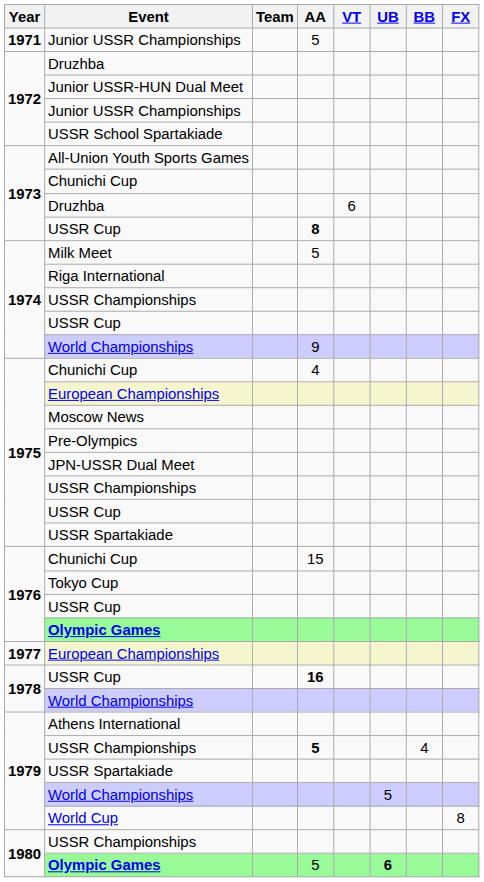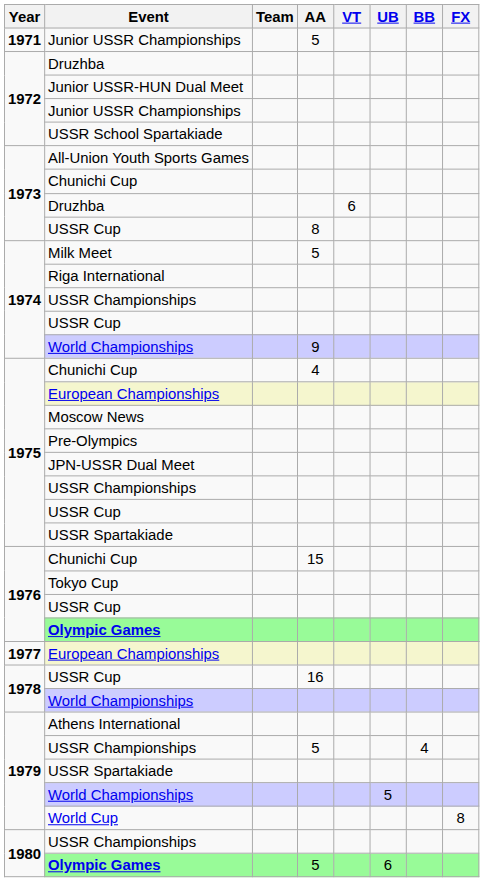 <table class="wikitable" style="text-align:center; font-size: 95%;">
 <tr>
 <th>Year</th>
 <th>Event</th>
 <th width=30px>Team</th>
 <th width=30px>AA</th>
 <th width=30px><a href='#'>VT</a></th>
 <th width=30px><a href='#'>UB</a></th>
 <th width=30px><a href='#'>BB</a></th>
 <th width=30px><a href='#'>FX</a></th>
 </tr>
 <tr>
 <td rowspan="1"><strong>1971</strong></td>
 <td align=left>Junior USSR Championships</td>
 <td></td>
 <td>5</td>
 <td></td>
 <td></td>
 <td></td>
 <td></td>
 </tr>
 <tr>
 <td rowspan=4><strong>1972</strong></td>
 <td align=left>Druzhba</td>
 <td></td>
 <td></td>
 <td></td>
 <td></td>
 <td></td>
 <td></td>
 </tr>
 <tr>
 <td align=left>Junior USSR-HUN Dual Meet</td>
 <td></td>
 <td></td>
 <td></td>
 <td></td>
 <td></td>
 <td></td>
 </tr>
 <tr>
 <td align=left>Junior USSR Championships</td>
 <td></td>
 <td></td>
 <td></td>
 <td></td>
 <td></td>
 <td></td>
 </tr>
 <tr>
 <td align=left>USSR School Spartakiade</td>
 <td></td>
 <td></td>
 <td></td>
 <td></td>
 <td></td>
 <td></td>
 </tr>
 <tr>
 <td rowspan="4"><strong>1973</strong></td>
 <td align=left>All-Union Youth Sports Games</td>
 <td></td>
 <td></td>
 <td></td>
 <td></td>
 <td></td>
 <td></td>
 </tr>
 <tr>
 <td align=left>Chunichi Cup</td>
 <td></td>
 <td></td>
 <td></td>
 <td></td>
 <td></td>
 <td></td>
 </tr>
 <tr>
 <td align=left>Druzhba</td>
 <td></td>
 <td></td>
 <td>6</td>
 <td></td>
 <td></td>
 <td></td>
 </tr>
 <tr>
 <td align=left>USSR Cup</td>
 <td></td>
-<td><strong>8</strong></td>
+<td>8</td>
 <td></td>
 <td></td>
 <td></td>
 <td></td>
 </tr>
 <tr>
 <td rowspan="5"><strong>1974</strong></td>
 <td align=left>Milk Meet</td>
 <td></td>
 <td>5</td>
 <td></td>
 <td></td>
 <td></td>
 <td></td>
 </tr>
 <tr>
 <td align=left>Riga International</td>
 <td></td>
 <td></td>
 <td></td>
 <td></td>
 <td></td>
 <td></td>
 </tr>
 <tr>
 <td align=left>USSR Championships</td>
 <td></td>
 <td></td>
 <td></td>
 <td></td>
 <td></td>
 <td></td>
 </tr>
 <tr>
 <td align=left>USSR Cup</td>
 <td></td>
 <td></td>
 <td></td>
 <td></td>
 <td></td>
 <td></td>
 </tr>
 <tr bgcolor=#CCCCFF>
 <td align=left><a href='#'>World Championships</a></td>
 <td></td>
 <td>9</td>
 <td></td>
 <td></td>
 <td></td>
 <td></td>
 </tr>
 <tr>
 <td rowspan=8><strong>1975</strong></td>
 <td align=left>Chunichi Cup</td>
 <td></td>
 <td>4</td>
 <td></td>
 <td></td>
 <td></td>
 <td></td>
 </tr>
 <tr bgcolor=#F5F6CE>
 <td align=left><a href='#'>European Championships</a></td>
 <td></td>
 <td></td>
 <td></td>
 <td></td>
 <td></td>
 <td></td>
 </tr>
 <tr>
 <td align=left>Moscow News</td>
 <td></td>
 <td></td>
 <td></td>
 <td></td>
 <td></td>
 <td></td>
 </tr>
 <tr>
 <td align=left>Pre-Olympics</td>
 <td></td>
 <td></td>
 <td></td>
 <td></td>
 <td></td>
 <td></td>
 </tr>
 <tr>
 <td align=left>JPN-USSR Dual Meet</td>
 <td></td>
 <td></td>
 <td></td>
 <td></td>
 <td></td>
 <td></td>
 </tr>
 <tr>
 <td align=left>USSR Championships</td>
 <td></td>
 <td></td>
 <td></td>
 <td></td>
 <td></td>
 <td></td>
 </tr>
 <tr>
 <td align=left>USSR Cup</td>
 <td></td>
 <td></td>
 <td></td>
 <td></td>
 <td></td>
 <td></td>
 </tr>
 <tr>
 <td align=left>USSR Spartakiade</td>
 <td></td>
 <td></td>
 <td></td>
 <td></td>
 <td></td>
 <td></td>
 </tr>
 <tr>
 <td rowspan=4><strong>1976</strong></td>
 <td align=left>Chunichi Cup</td>
 <td></td>
 <td>15</td>
 <td></td>
 <td></td>
 <td></td>
 <td></td>
 </tr>
 <tr>
 <td align=left>Tokyo Cup</td>
 <td></td>
 <td></td>
 <td></td>
 <td></td>
 <td></td>
 <td></td>
 </tr>
 <tr>
 <td align=left>USSR Cup</td>
 <td></td>
 <td></td>
 <td></td>
 <td></td>
 <td></td>
 <td></td>
 </tr>
 <tr bgcolor=98FB98>
 <td align=left><strong><a href='#'>Olympic Games</a></strong></td>
 <td></td>
 <td></td>
 <td></td>
 <td></td>
 <td></td>
 <td></td>
 </tr>
 <tr>
 <td rowspan=2><strong>1977</strong></td>
 </tr>
 <tr bgcolor=#F5F6CE>
 <td align=left><a href='#'>European Championships</a></td>
 <td></td>
 <td></td>
 <td></td>
 <td></td>
 <td></td>
 <td></td>
 </tr>
 <tr>
 <td rowspan=2><strong>1978</strong></td>
 <td align=left>USSR Cup</td>
 <td></td>
-<td><strong>16</strong></td>
+<td>16</td>
 <td></td>
 <td></td>
 <td></td>
 <td></td>
 </tr>
 <tr bgcolor=#CCCCFF>
 <td align=left><a href='#'>World Championships</a></td>
 <td></td>
 <td></td>
 <td></td>
 <td></td>
 <td></td>
 <td></td>
 </tr>
 <tr>
 <td rowspan=5><strong>1979</strong></td>
 <td align=left>Athens International</td>
 <td></td>
 <td></td>
 <td></td>
 <td></td>
 <td></td>
 <td></td>
 </tr>
 <tr>
 <td align=left>USSR Championships</td>
 <td></td>
-<td><strong>5</strong></td>
+<td>5</td>
 <td></td>
 <td></td>
 <td>4</td>
 <td></td>
 </tr>
 <tr>
 <td align=left>USSR Spartakiade</td>
 <td></td>
 <td></td>
 <td></td>
 <td></td>
 <td></td>
 <td></td>
 </tr>
 <tr bgcolor=#CCCCFF>
 <td align=left><a href='#'>World Championships</a></td>
 <td></td>
 <td></td>
 <td></td>
 <td>5</td>
 <td></td>
 <td></td>
 </tr>
 <tr>
 <td align=left><a href='#'>World Cup</a></td>
 <td></td>
 <td></td>
 <td></td>
 <td></td>
 <td></td>
 <td>8</td>
 </tr>
 <tr>
 <td rowspan=2><strong>1980</strong></td>
 <td align=left>USSR Championships</td>
 <td></td>
 <td></td>
 <td></td>
 <td></td>
 <td></td>
 <td></td>
 </tr>
 <tr bgcolor=98FB98>
 <td align=left><strong><a href='#'>Olympic Games</a></strong></td>
 <td></td>
 <td>5</td>
 <td></td>
-<td><strong>6</strong></td>
+<td>6</td>
 <td></td>
 <td></td>
 </tr>
 </table>
